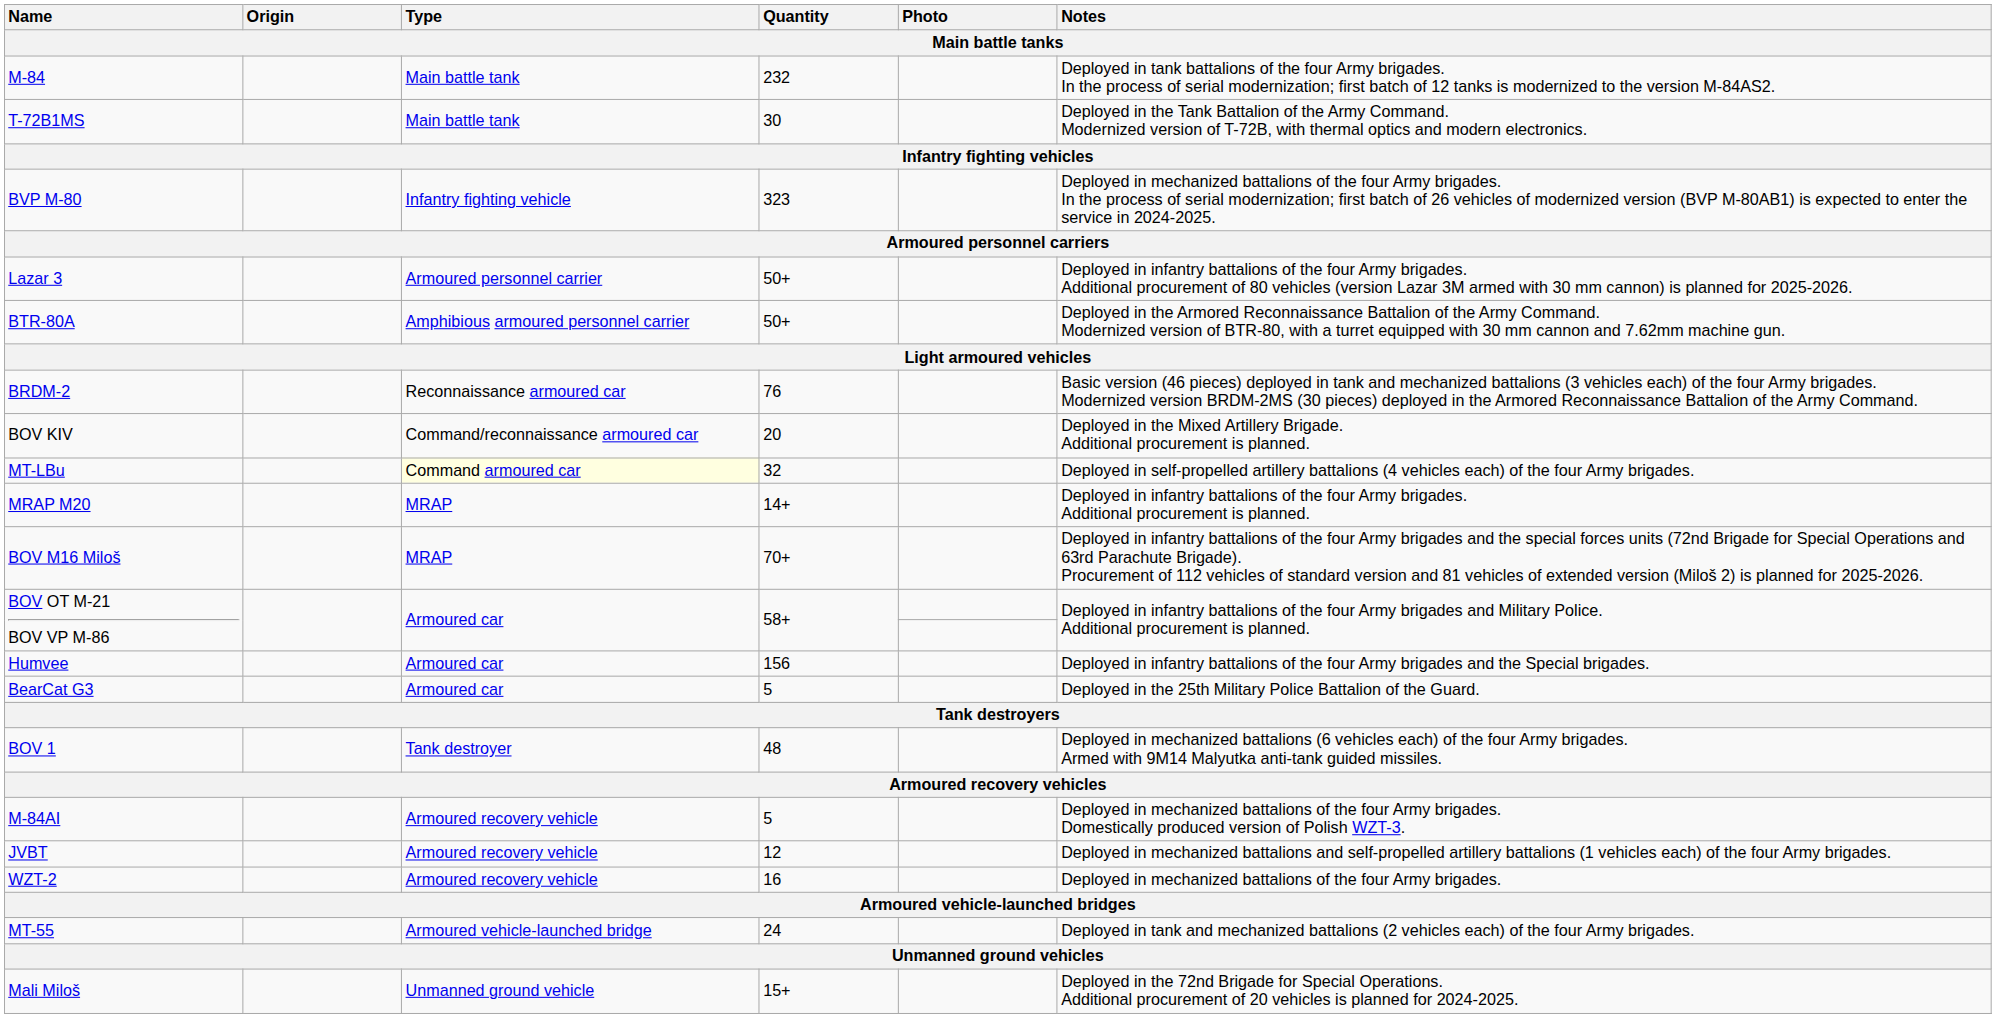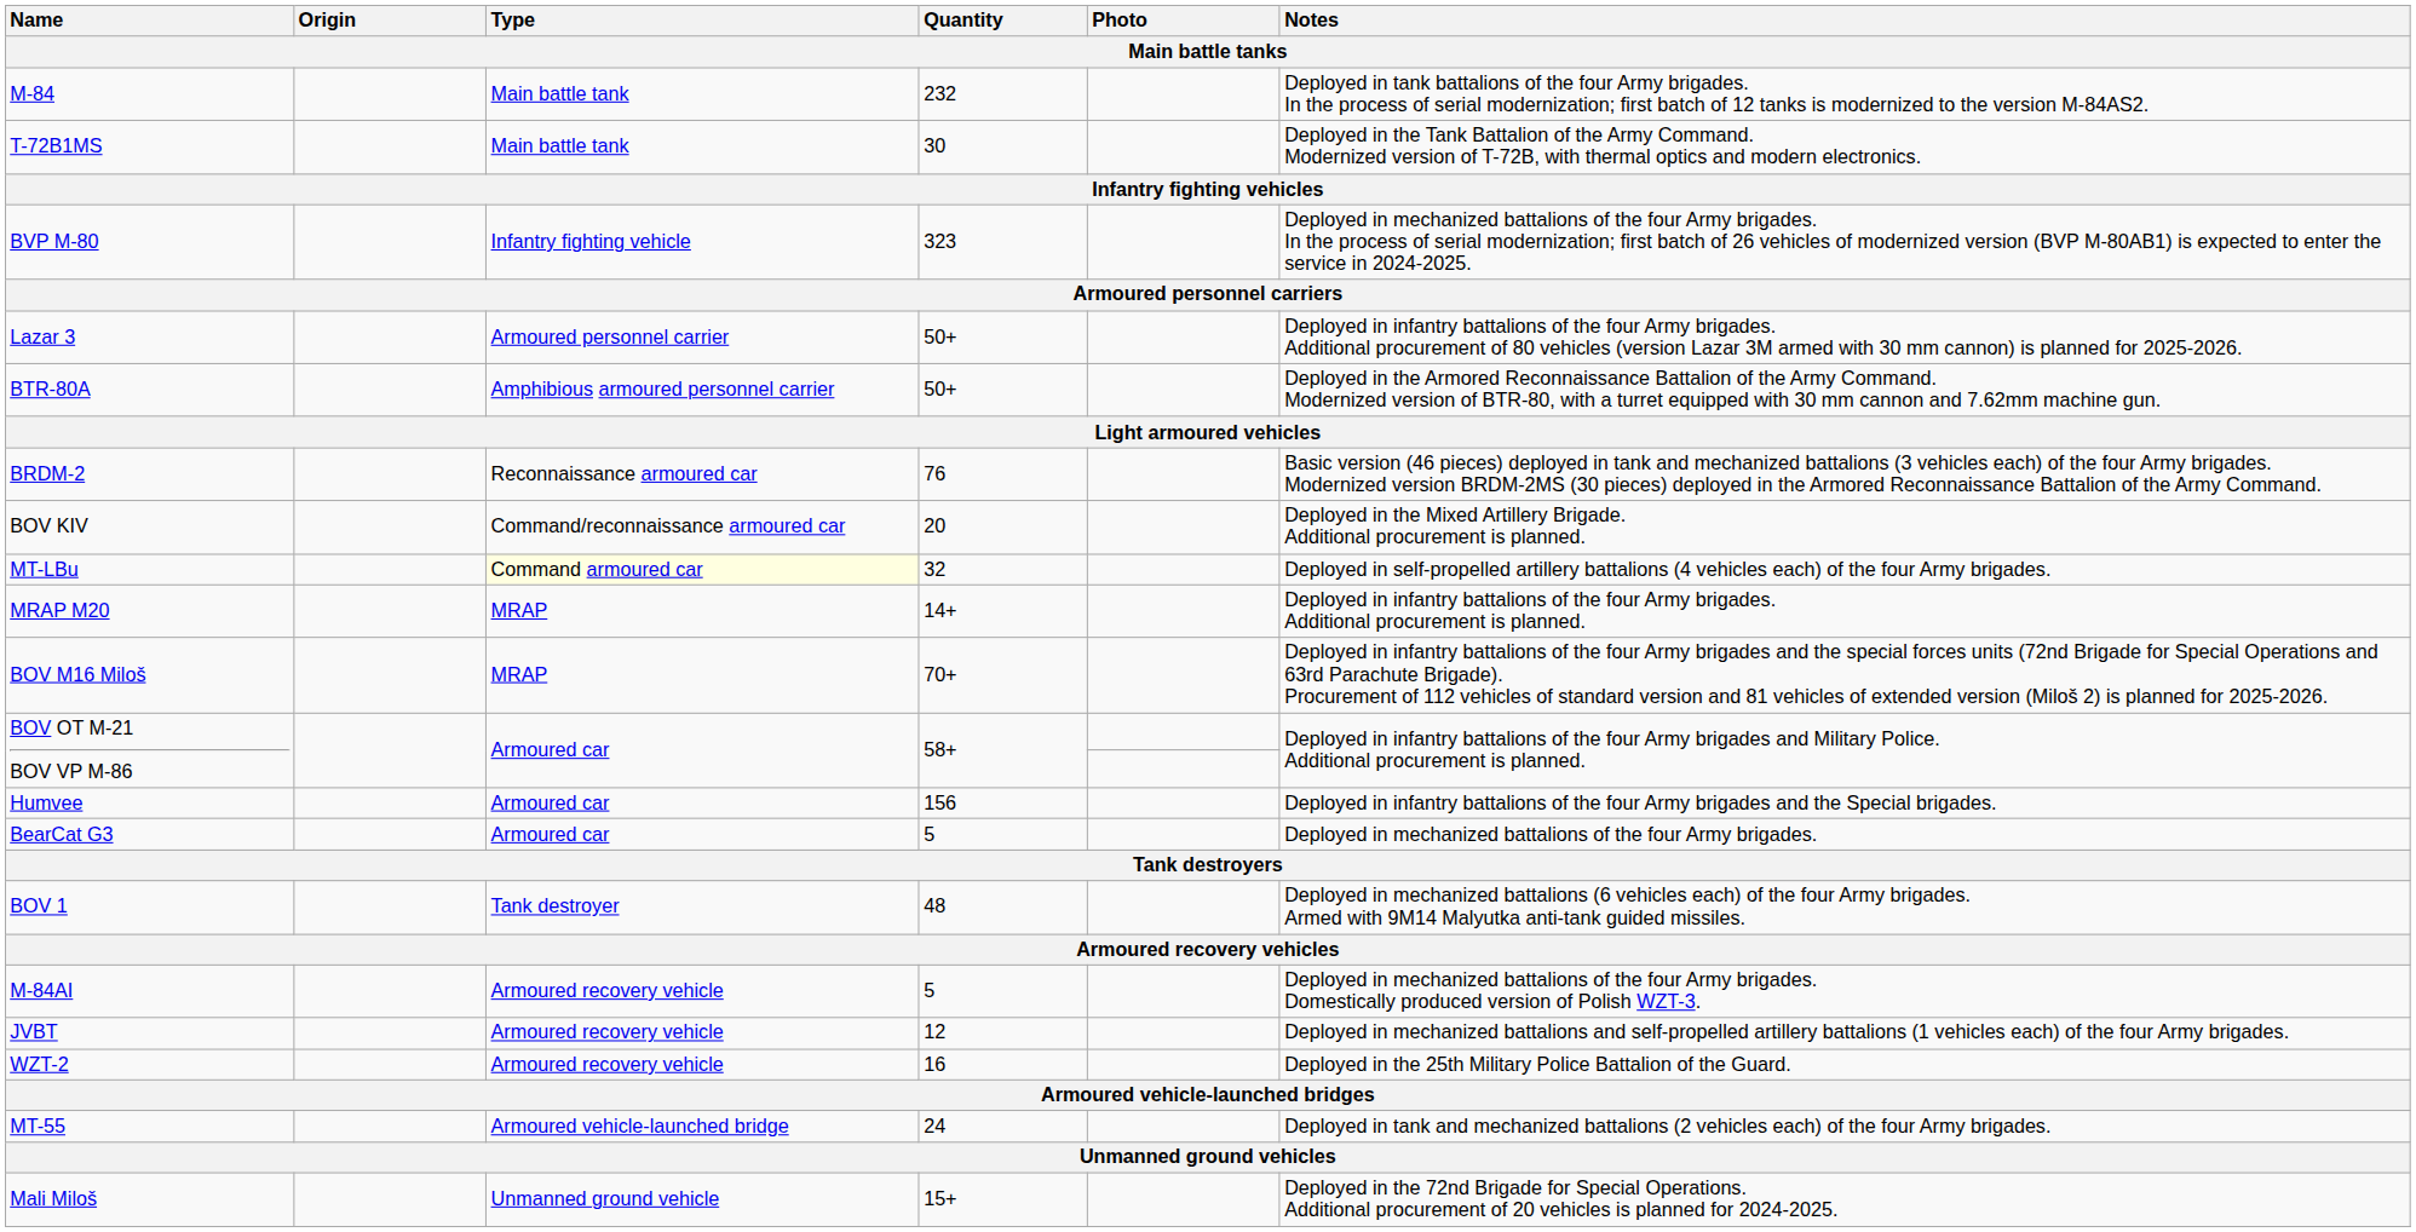 <table class="wikitable">
 <tr>
 <th style="text-align: left; width:12%;">Name</th>
 <th style="text-align: left; width:8%;">Origin</th>
 <th style="text-align: left; width:18%;">Type</th>
 <th style="text-align: left; width:7%;">Quantity</th>
 <th style="text-align: left;width:8%;">Photo</th>
 <th style="text-align: left;width:47%;">Notes</th>
 </tr>
 <tr>
 <th style="align: center;" colspan="7">Main battle tanks</th>
 </tr>
 <tr>
 <td><a href='#'>M-84</a></td>
 <td> </td>
 <td><a href='#'>Main battle tank</a></td>
 <td>232</td>
 <td><br><br></td>
 <td>Deployed in tank battalions of the four Army brigades.<br>In the process of serial modernization; first batch of 12 tanks is modernized to the version M-84AS2.</td>
 </tr>
 <tr>
 <td><a href='#'>T-72B1MS</a></td>
 <td></td>
 <td><a href='#'>Main battle tank</a></td>
 <td>30</td>
 <td></td>
 <td>Deployed in the Tank Battalion of the Army Command.<br>Modernized version of T-72B, with thermal optics and modern electronics.</td>
 </tr>
 <tr>
 <th style="align: center;" colspan="7">Infantry fighting vehicles</th>
 </tr>
 <tr>
 <td><a href='#'>BVP M-80</a></td>
 <td> </td>
 <td><a href='#'>Infantry fighting vehicle</a></td>
 <td>323</td>
 <td><br><br></td>
 <td>Deployed in mechanized battalions of the four Army brigades.<br>In the process of serial modernization; first batch of 26 vehicles of modernized version (BVP M-80AB1) is expected to enter the service in 2024-2025.</td>
 </tr>
 <tr>
 <th style="align: center;" colspan="7">Armoured personnel carriers</th>
 </tr>
 <tr>
 <td><a href='#'>Lazar 3</a></td>
 <td></td>
 <td><a href='#'>Armoured personnel carrier</a></td>
 <td>50+</td>
 <td></td>
 <td>Deployed in infantry battalions of the four Army brigades.<br>Additional procurement of 80 vehicles (version Lazar 3M armed with 30 mm cannon) is planned for 2025-2026.</td>
 </tr>
 <tr>
 <td><a href='#'>BTR-80A</a></td>
 <td></td>
 <td><a href='#'>Amphibious</a> <a href='#'>armoured personnel carrier</a></td>
 <td>50+</td>
 <td></td>
 <td>Deployed in the Armored Reconnaissance Battalion of the Army Command.<br>Modernized version of BTR-80, with a turret equipped with 30 mm cannon and 7.62mm machine gun.</td>
 </tr>
 <tr>
 <th style="align: center;" colspan="7">Light armoured vehicles</th>
 </tr>
 <tr>
 <td><a href='#'>BRDM-2</a></td>
 <td></td>
 <td>Reconnaissance <a href='#'>armoured car</a></td>
 <td>76</td>
 <td><br><br></td>
 <td>Basic version (46 pieces) deployed in tank and mechanized battalions (3 vehicles each) of the four Army brigades.<br>Modernized version BRDM-2MS (30 pieces) deployed in the Armored Reconnaissance Battalion of the Army Command.</td>
 </tr>
 <tr>
 <td>BOV KIV</td>
 <td></td>
 <td>Command/reconnaissance <a href='#'>armoured car</a></td>
 <td>20</td>
 <td></td>
 <td>Deployed in the Mixed Artillery Brigade.<br>Additional procurement is planned.</td>
 </tr>
 <tr>
 <td><a href='#'>MT-LBu</a></td>
 <td></td>
 <td style="background: lightyellow;">Command <a href='#'>armoured car</a></td>
 <td>32</td>
 <td></td>
 <td>Deployed in self-propelled artillery battalions (4 vehicles each) of the four Army brigades.</td>
 </tr>
 <tr>
 <td><a href='#'>MRAP M20</a></td>
 <td></td>
 <td><a href='#'>MRAP</a></td>
 <td>14+</td>
 <td></td>
 <td>Deployed in infantry battalions of the four Army brigades.<br>Additional procurement is planned.</td>
 </tr>
 <tr>
 <td><a href='#'>BOV M16 Miloš</a></td>
 <td></td>
 <td><a href='#'>MRAP</a></td>
 <td>70+ </td>
 <td></td>
 <td>Deployed in infantry battalions of the four Army brigades and the special forces units (72nd Brigade for Special Operations and 63rd Parachute Brigade).<br>Procurement of 112 vehicles of standard version and 81 vehicles of extended version (Miloš 2) is planned for 2025-2026.</td>
 </tr>
 <tr>
 <td rowspan="2"><a href='#'>BOV</a> OT M-21<hr>BOV VP M-86</td>
 <td rowspan="2"></td>
 <td rowspan="2"><a href='#'>Armoured car</a></td>
 <td rowspan="2">58+ </td>
 <td></td>
 <td rowspan="2">Deployed in infantry battalions of the four Army brigades and Military Police.<br>Additional procurement is planned.</td>
 </tr>
 <tr>
 <td></td>
 </tr>
 <tr>
 <td><a href='#'>Humvee</a></td>
 <td></td>
 <td><a href='#'>Armoured car</a></td>
 <td>156</td>
 <td></td>
 <td>Deployed in infantry battalions of the four Army brigades and the Special brigades.</td>
 </tr>
 <tr>
 <td><a href='#'>BearCat G3</a></td>
 <td></td>
 <td><a href='#'>Armoured car</a></td>
 <td>5</td>
 <td></td>
-<td>Deployed in the 25th Military Police Battalion of the Guard.</td>
+<td>Deployed in mechanized battalions of the four Army brigades.</td>
 </tr>
 <tr>
 <th style="align: center;" colspan="7">Tank destroyers</th>
 </tr>
 <tr>
 <td><a href='#'>BOV 1</a></td>
 <td></td>
 <td><a href='#'>Tank destroyer</a></td>
 <td>48</td>
 <td></td>
 <td>Deployed in mechanized battalions (6 vehicles each) of the four Army brigades.<br>Armed with 9M14 Malyutka anti-tank guided missiles.</td>
 </tr>
 <tr>
 <th style="align: center;" colspan="7">Armoured recovery vehicles</th>
 </tr>
 <tr>
 <td><a href='#'>M-84AI</a></td>
 <td></td>
 <td><a href='#'>Armoured recovery vehicle</a></td>
 <td>5</td>
 <td></td>
 <td>Deployed in mechanized battalions of the four Army brigades.<br>Domestically produced version of Polish <a href='#'>WZT-3</a>.</td>
 </tr>
 <tr>
 <td><a href='#'>JVBT</a></td>
 <td></td>
 <td><a href='#'>Armoured recovery vehicle</a></td>
 <td>12</td>
 <td></td>
 <td>Deployed in mechanized battalions and self-propelled artillery battalions (1 vehicles each) of the four Army brigades.</td>
 </tr>
 <tr>
 <td><a href='#'>WZT-2</a></td>
 <td></td>
 <td><a href='#'>Armoured recovery vehicle</a></td>
 <td>16</td>
 <td></td>
-<td>Deployed in mechanized battalions of the four Army brigades.</td>
+<td>Deployed in the 25th Military Police Battalion of the Guard.</td>
 </tr>
 <tr>
 <th style="align: center;" colspan="7">Armoured vehicle-launched bridges</th>
 </tr>
 <tr>
 <td><a href='#'>MT-55</a></td>
 <td></td>
 <td><a href='#'>Armoured vehicle-launched bridge</a></td>
 <td>24</td>
 <td></td>
 <td>Deployed in tank and mechanized battalions (2 vehicles each) of the four Army brigades.</td>
 </tr>
 <tr>
 <th style="align: center;" colspan="7">Unmanned ground vehicles</th>
 </tr>
 <tr>
 <td><a href='#'>Mali Miloš</a></td>
 <td></td>
 <td><a href='#'>Unmanned ground vehicle</a></td>
 <td>15+</td>
 <td></td>
 <td>Deployed in the 72nd Brigade for Special Operations.<br>Additional procurement of 20 vehicles is planned for 2024-2025.</td>
 </tr>
 <tr>
 </tr>
 </table>
